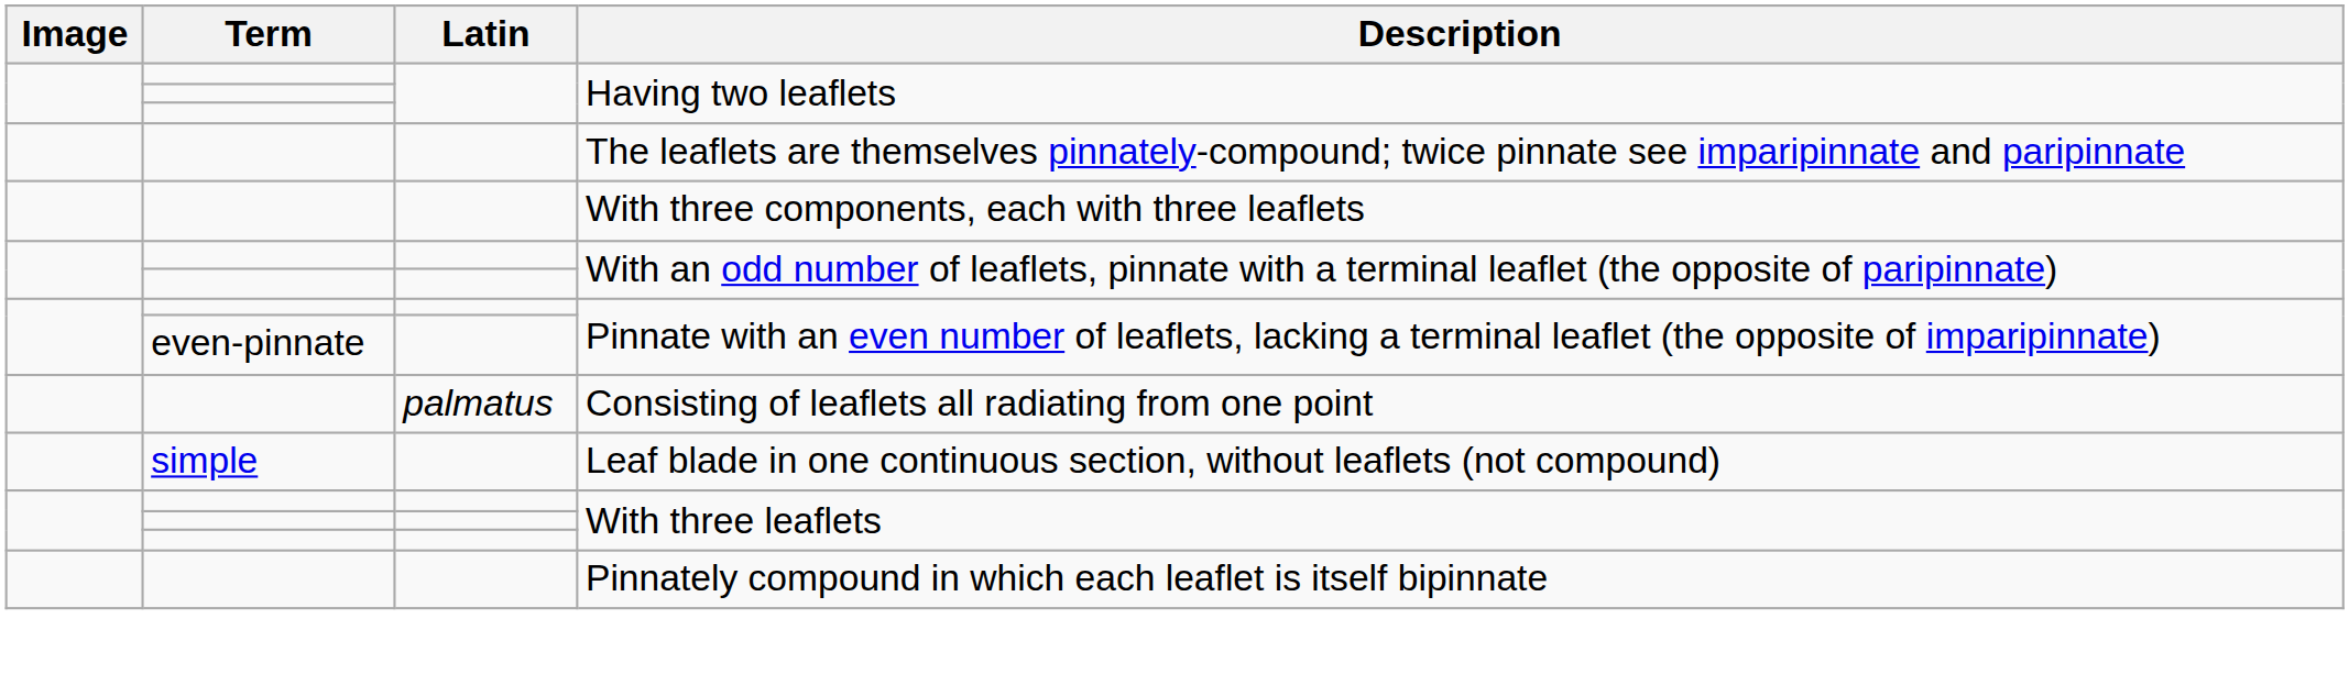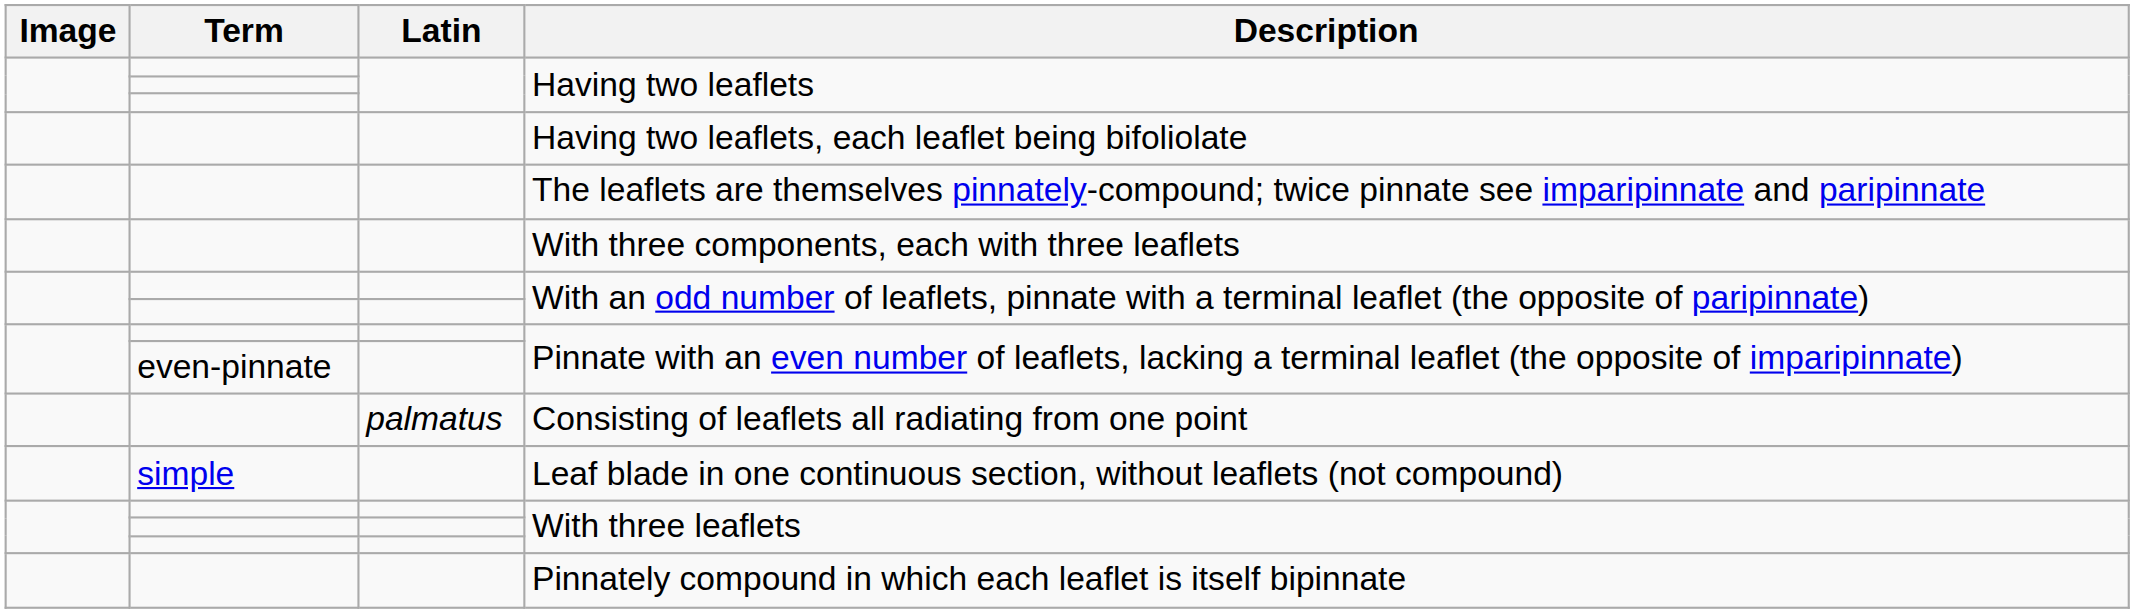 <table class="wikitable sortable mw-collapsible" style="margin:auto; width:80%">
 <tr>
 <th scope="col" class="unsortable">Image</th>
 <th scope="col">Term</th>
 <th scope="col">Latin</th>
 <th scope="col">Description</th>
 </tr>
 <tr>
 <td rowspan="3"></td>
 <td><a href='#'></a></td>
 <td rowspan="3"></td>
 <td rowspan="3">Having two leaflets</td>
 </tr>
 <tr>
 <td></td>
 </tr>
 <tr>
 <td></td>
+</tr>
+<tr>
+<td></td>
+<td><a href='#'></a></td>
+<td></td>
+<td>Having two leaflets, each leaflet being bifoliolate</td>
 </tr>
 <tr>
 <td></td>
 <td><a href='#'></a></td>
 <td></td>
 <td>The leaflets are themselves <a href='#'>pinnately</a>-compound; twice pinnate see <a href='#'>imparipinnate</a> and <a href='#'>paripinnate</a></td>
 </tr>
 <tr>
 <td></td>
 <td><a href='#'></a></td>
 <td></td>
 <td>With three components, each with three leaflets</td>
 </tr>
 <tr>
 <td rowspan="2"></td>
 <td><a href='#'></a></td>
 <td></td>
 <td rowspan="2">With an <a href='#'>odd number</a> of leaflets, pinnate with a terminal leaflet (the opposite of <a href='#'>paripinnate</a>)</td>
 </tr>
 <tr>
 <td></td>
 <td></td>
 </tr>
 <tr>
 <td rowspan="2"></td>
 <td><a href='#'></a></td>
 <td></td>
 <td rowspan="2">Pinnate with an <a href='#'>even number</a> of leaflets, lacking a terminal leaflet (the opposite of <a href='#'>imparipinnate</a>)</td>
 </tr>
 <tr>
 <td>even-pinnate</td>
 <td></td>
 </tr>
 <tr>
 <td></td>
 <td><a href='#'></a></td>
 <td><em>palmatus</em></td>
 <td>Consisting of leaflets all radiating from one point</td>
 </tr>
 <tr>
 <td></td>
 <td> <a href='#'>simple</a></td>
 <td></td>
 <td>Leaf blade in one continuous section, without leaflets (not compound)</td>
 </tr>
 <tr>
 <td rowspan="3"></td>
 <td><a href='#'></a></td>
 <td></td>
 <td rowspan="3">With three leaflets</td>
 </tr>
 <tr>
 <td><a href='#'></a></td>
 <td></td>
 </tr>
 <tr>
 <td><a href='#'></a></td>
 <td></td>
 </tr>
 <tr>
 <td></td>
 <td><a href='#'></a></td>
 <td></td>
 <td>Pinnately compound in which each leaflet is itself bipinnate</td>
 </tr>
 </table>
